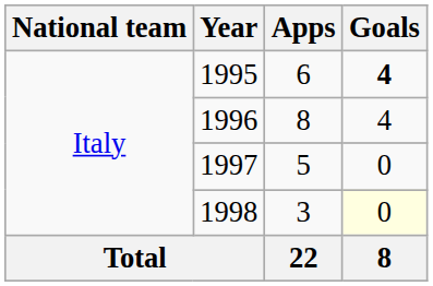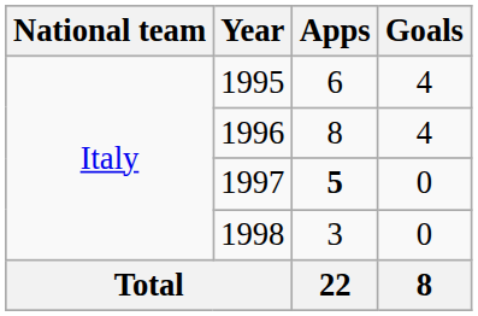 <table class="wikitable" style="text-align:center">
 <tr>
 <th>National team</th>
 <th>Year</th>
 <th>Apps</th>
 <th>Goals</th>
 </tr>
 <tr>
 <td rowspan="4"><a href='#'>Italy</a></td>
 <td>1995</td>
 <td>6</td>
-<td><strong>4</strong></td>
+<td>4</td>
 </tr>
 <tr>
 <td>1996</td>
 <td>8</td>
 <td>4</td>
 </tr>
 <tr>
 <td>1997</td>
-<td>5</td>
+<td><strong>5</strong></td>
 <td>0</td>
 </tr>
 <tr>
 <td>1998</td>
 <td>3</td>
-<td style="background: lightyellow;">0</td>
+<td>0</td>
 </tr>
 <tr>
 <th colspan="2">Total</th>
 <th>22</th>
 <th>8</th>
 </tr>
 </table>
